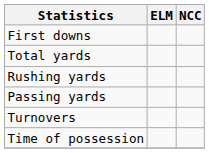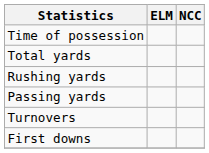 <table class="wikitable">
 <tr>
 <th>Statistics</th>
 <th>ELM</th>
 <th>NCC</th>
 </tr>
 <tr>
-<td>First downs</td>
+<td>Time of possession</td>
 <td></td>
 <td></td>
 </tr>
 <tr>
 <td>Total yards</td>
 <td></td>
 <td></td>
 </tr>
 <tr>
 <td>Rushing yards</td>
 <td></td>
 <td></td>
 </tr>
 <tr>
 <td>Passing yards</td>
 <td></td>
 <td></td>
 </tr>
 <tr>
 <td>Turnovers</td>
 <td></td>
 <td></td>
 </tr>
 <tr>
-<td>Time of possession</td>
+<td>First downs</td>
 <td></td>
 <td></td>
 </tr>
 <tr>
 </tr>
 </table>
